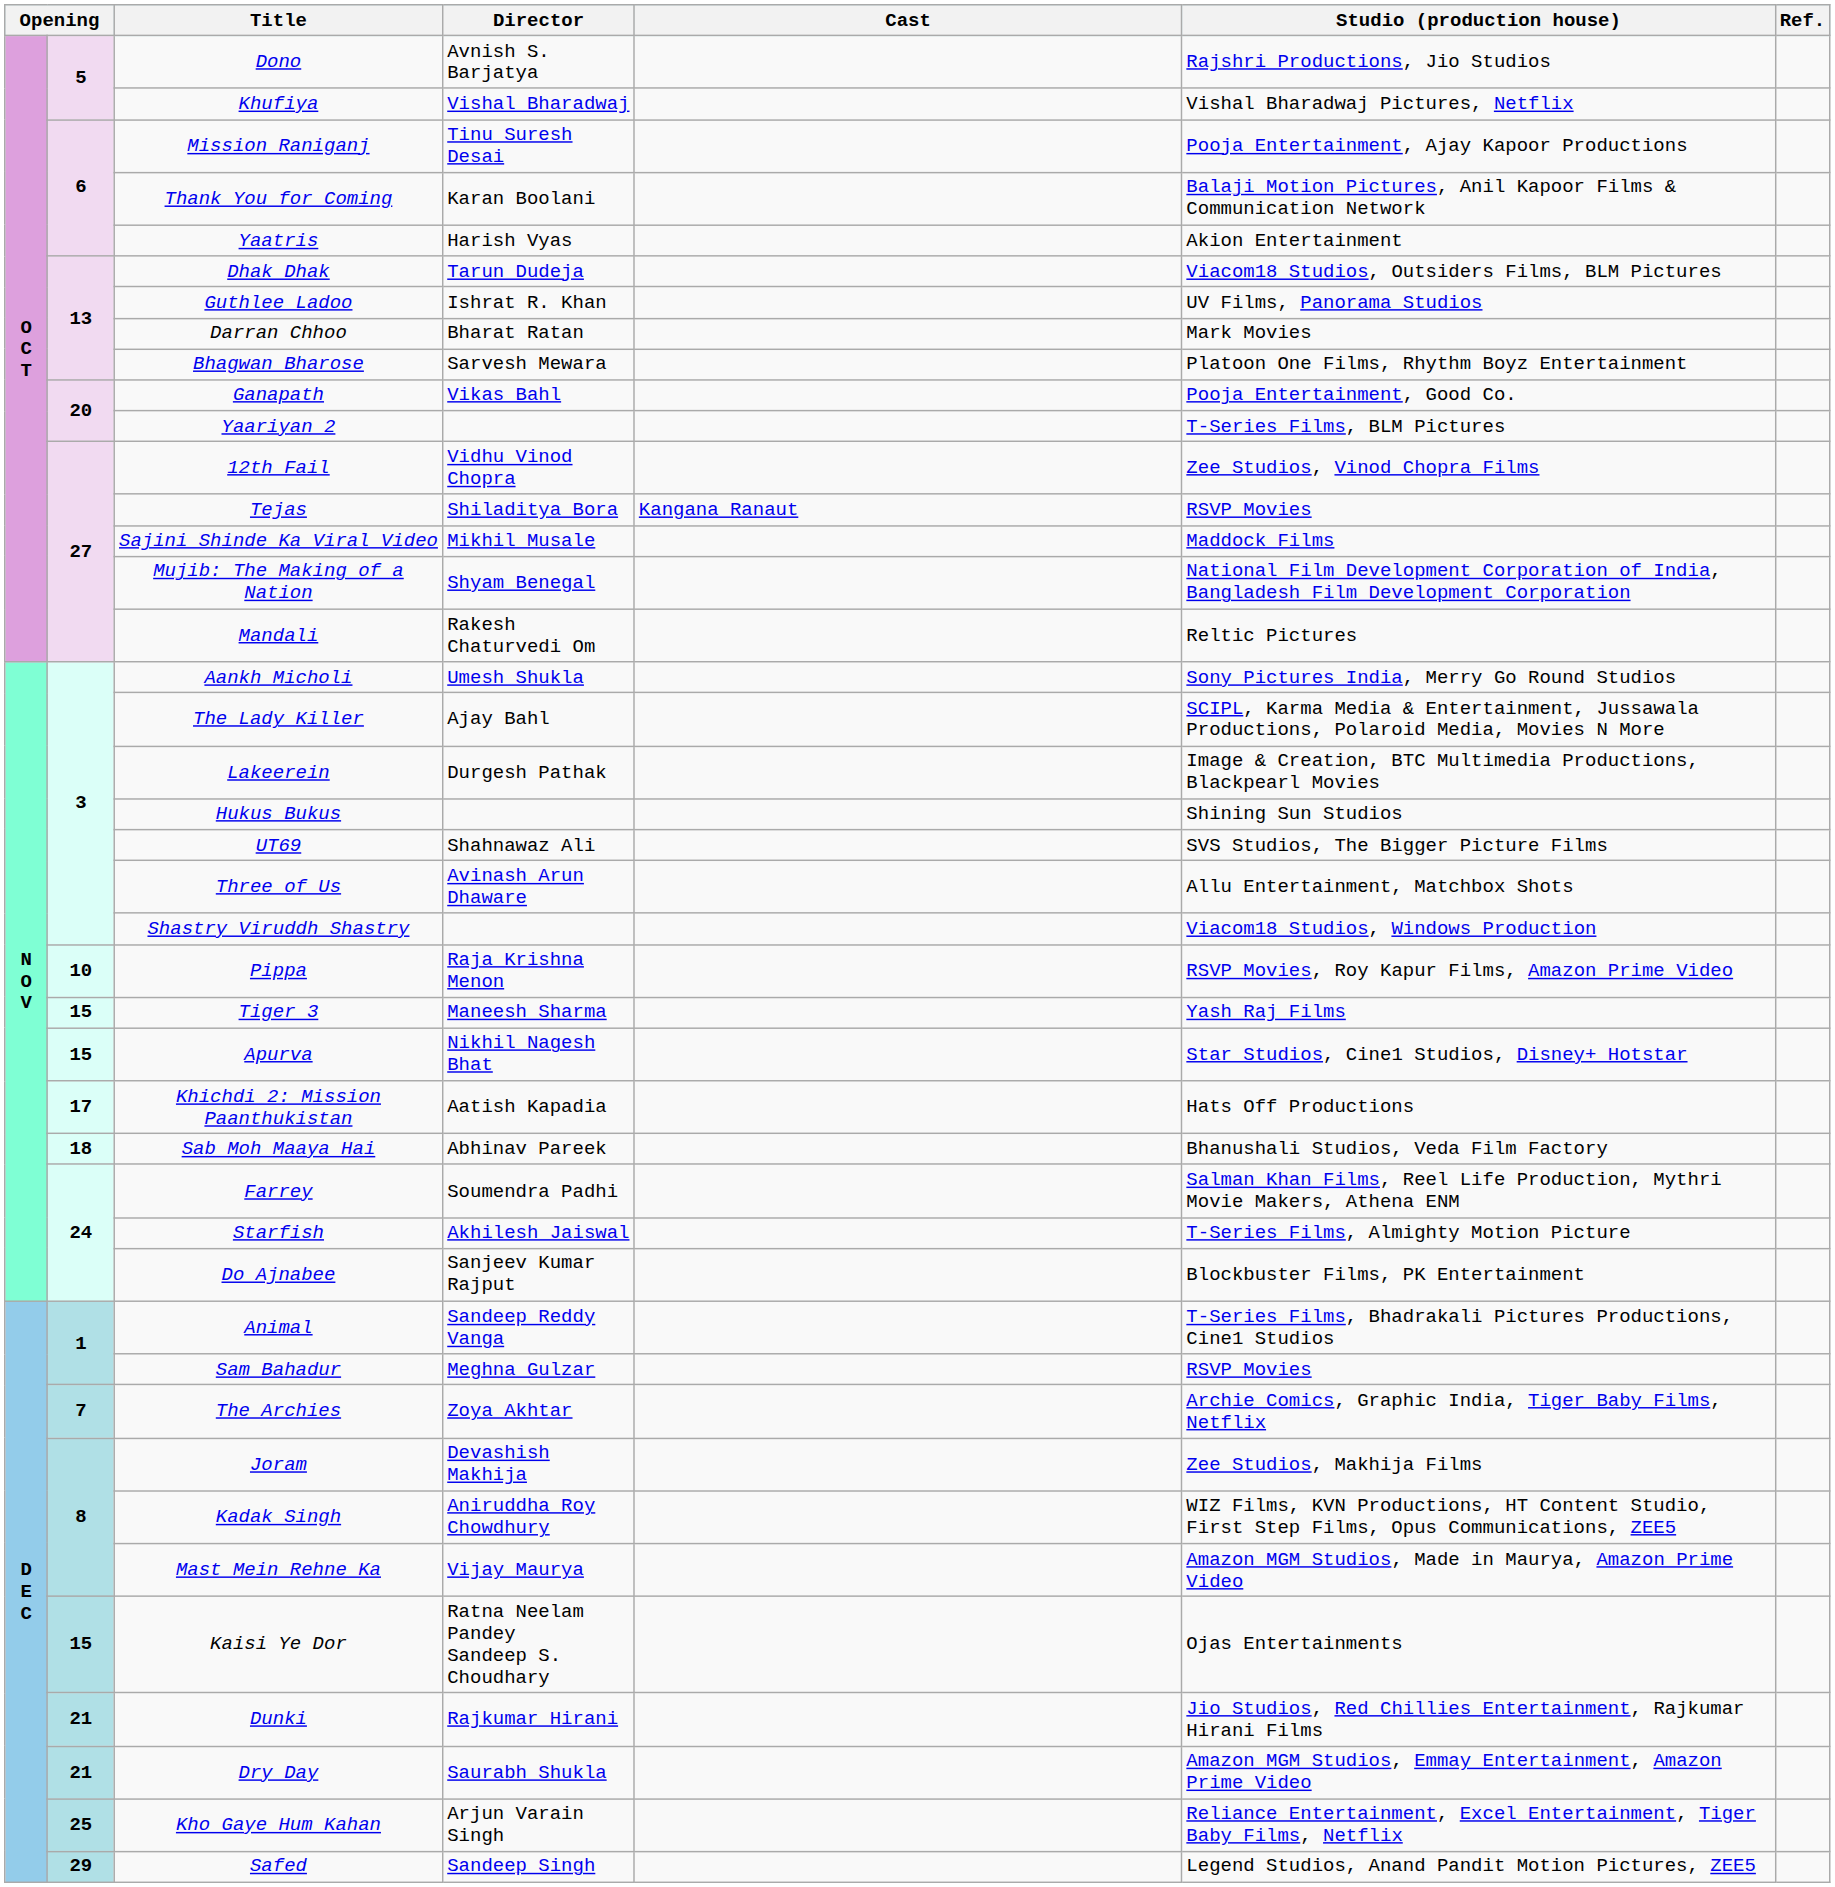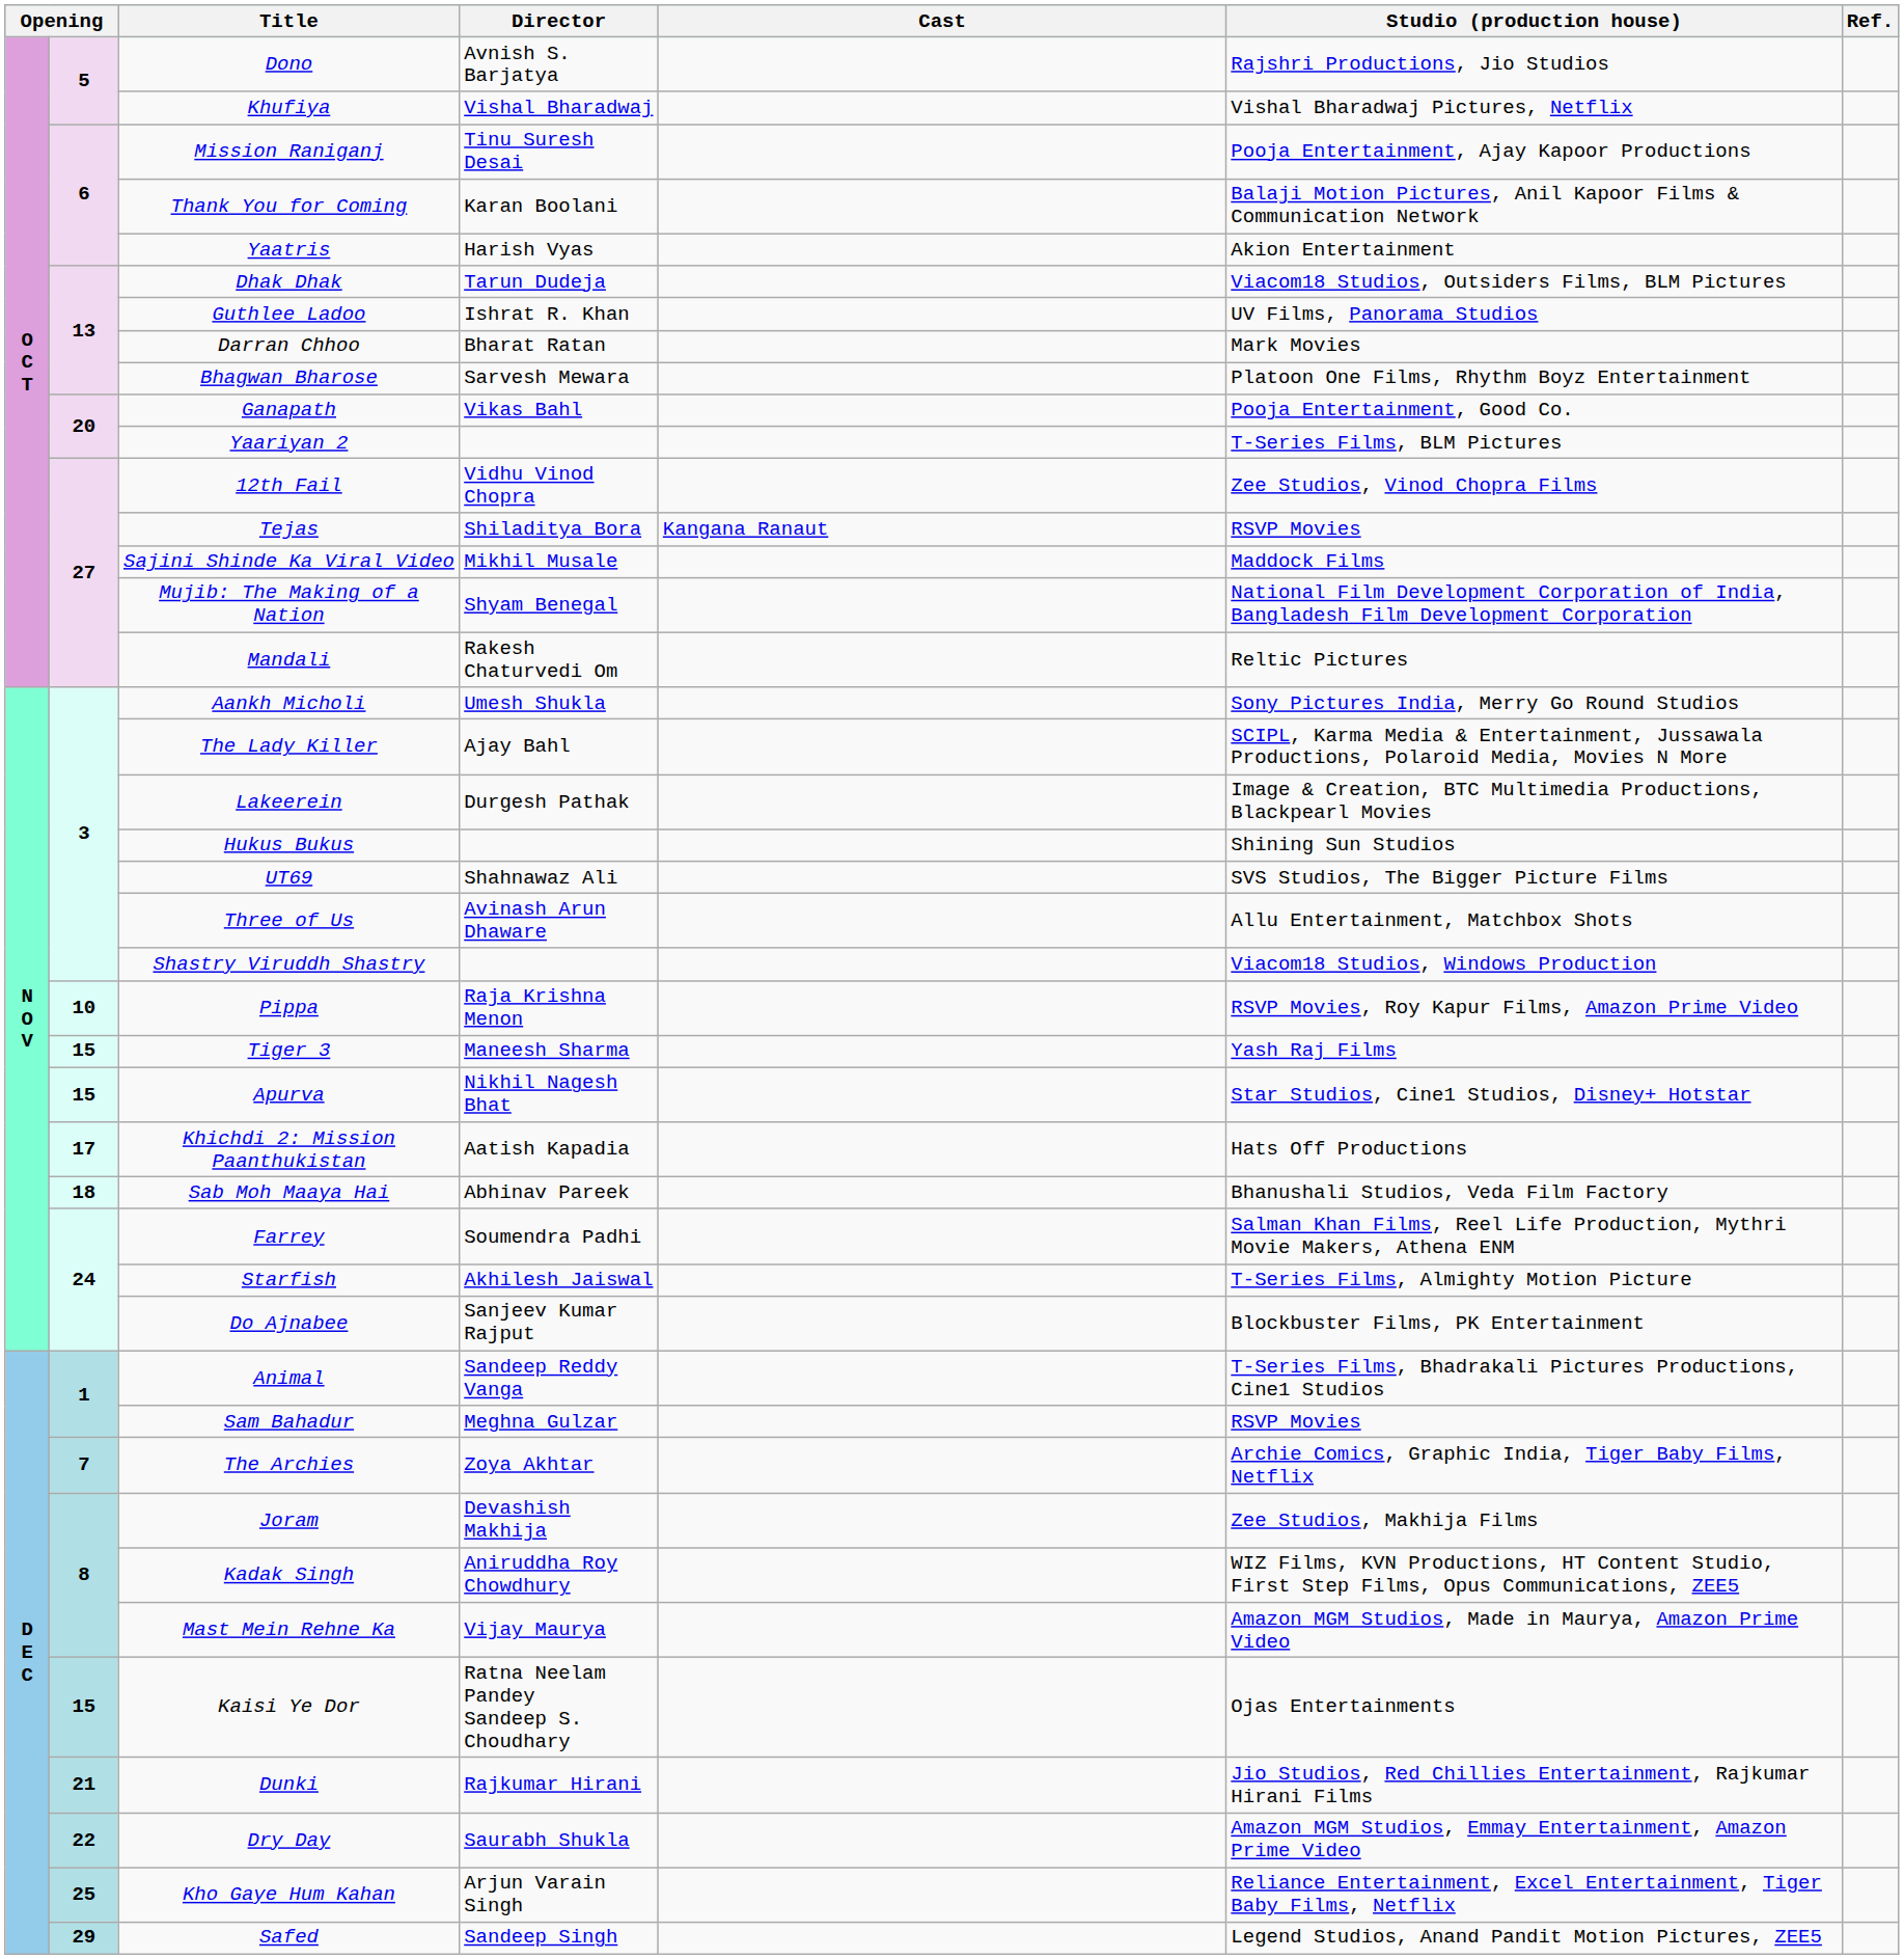 <table class="wikitable">
 <tr style="background:#b0e0e6; text-align:center;">
 <th colspan="2" style="width:6%;"><strong>Opening</strong></th>
 <th style="width:18%;"><strong>Title</strong></th>
 <th style="width:10.5%;"><strong>Director</strong></th>
 <th style="width:30%;"><strong>Cast</strong></th>
 <th>Studio (production house)</th>
 <th>Ref.</th>
 </tr>
 <tr>
 <td rowspan="16" style="text-align:center; background:plum; textcolor:#000;"><strong>O<br>C<br>T</strong></td>
 <td rowspan="2" style="text-align:center;background:#f1daf1;"><strong>5</strong></td>
 <td style="text-align:center;"><em><a href='#'>Dono</a></em></td>
 <td>Avnish S. Barjatya</td>
 <td></td>
 <td><a href='#'>Rajshri Productions</a>, Jio Studios</td>
 <td></td>
 </tr>
 <tr>
 <td style="text-align:center;"><em><a href='#'>Khufiya</a></em></td>
 <td><a href='#'>Vishal Bharadwaj</a></td>
 <td></td>
 <td>Vishal Bharadwaj Pictures, <a href='#'>Netflix</a></td>
 <td></td>
 </tr>
 <tr>
 <td rowspan="3" style="text-align:center;background:#f1daf1;"><strong>6</strong></td>
 <td style="text-align:center;"><em><a href='#'>Mission Raniganj</a></em></td>
 <td><a href='#'>Tinu Suresh Desai</a></td>
 <td></td>
 <td><a href='#'>Pooja Entertainment</a>, Ajay Kapoor Productions</td>
 <td></td>
 </tr>
 <tr>
 <td style="text-align:center;"><em><a href='#'>Thank You for Coming</a></em></td>
 <td>Karan Boolani</td>
 <td></td>
 <td><a href='#'>Balaji Motion Pictures</a>, Anil Kapoor Films & Communication Network</td>
 <td></td>
 </tr>
 <tr>
 <td style="text-align:center;"><em><a href='#'>Yaatris</a></em></td>
 <td>Harish Vyas</td>
 <td></td>
 <td>Akion Entertainment</td>
 <td></td>
 </tr>
 <tr>
 <td rowspan="4"  style="text-align:center;background:#f1daf1;"><strong>13</strong></td>
 <td style="text-align:center;"><em><a href='#'>Dhak Dhak</a></em></td>
 <td><a href='#'>Tarun Dudeja</a></td>
 <td></td>
 <td><a href='#'>Viacom18 Studios</a>,  Outsiders Films, BLM Pictures</td>
 <td></td>
 </tr>
 <tr>
 <td style="text-align:center;"><em><a href='#'>Guthlee Ladoo</a></em></td>
 <td>Ishrat R. Khan</td>
 <td></td>
 <td>UV Films, <a href='#'>Panorama Studios</a></td>
 <td></td>
 </tr>
 <tr>
 <td style="text-align:center;"><em>Darran Chhoo</em></td>
 <td>Bharat Ratan</td>
 <td></td>
 <td>Mark Movies</td>
 <td></td>
 </tr>
 <tr>
 <td style="text-align:center;"><em><a href='#'>Bhagwan Bharose</a></em></td>
 <td>Sarvesh Mewara</td>
 <td></td>
 <td>Platoon One Films, Rhythm Boyz Entertainment</td>
 <td></td>
 </tr>
 <tr>
 <td rowspan="2" style="text-align:center;background:#f1daf1;"><strong>20</strong></td>
 <td style="text-align:center;"><em><a href='#'>Ganapath</a></em></td>
 <td><a href='#'>Vikas Bahl</a></td>
 <td></td>
 <td><a href='#'>Pooja Entertainment</a>, Good Co.</td>
 <td></td>
 </tr>
 <tr>
 <td style="text-align:center;"><em><a href='#'>Yaariyan 2</a></em></td>
 <td></td>
 <td></td>
 <td><a href='#'>T-Series Films</a>, BLM Pictures</td>
 <td></td>
 </tr>
 <tr>
 <td rowspan="5"  style="text-align:center;background:#f1daf1;"><strong>27</strong></td>
 <td style="text-align:center;"><em><a href='#'>12th Fail</a></em></td>
 <td><a href='#'>Vidhu Vinod Chopra</a></td>
 <td></td>
 <td><a href='#'>Zee Studios</a>, <a href='#'>Vinod Chopra Films</a></td>
 <td></td>
 </tr>
 <tr>
 <td style="text-align:center;"><em><a href='#'>Tejas</a></em></td>
 <td><a href='#'>Shiladitya Bora</a></td>
 <td><a href='#'>Kangana Ranaut</a></td>
 <td><a href='#'>RSVP Movies</a></td>
 <td></td>
 </tr>
 <tr>
 <td style="text-align:center;"><em><a href='#'>Sajini Shinde Ka Viral Video</a></em></td>
 <td><a href='#'>Mikhil Musale</a></td>
 <td></td>
 <td><a href='#'>Maddock Films</a></td>
 <td></td>
 </tr>
 <tr>
 <td style="text-align:center;"><em><a href='#'>Mujib: The Making of a Nation</a></em></td>
 <td><a href='#'>Shyam Benegal</a></td>
 <td></td>
 <td><a href='#'>National Film Development Corporation of India</a>, <a href='#'>Bangladesh Film Development Corporation</a></td>
 <td></td>
 </tr>
 <tr>
 <td style="text-align:center;"><em><a href='#'>Mandali</a></em></td>
 <td>Rakesh Chaturvedi Om</td>
 <td></td>
 <td>Reltic Pictures</td>
 <td></td>
 </tr>
 <tr>
 <td rowspan="15" style="text-align:center; background:#7FFFD4; textcolor:#000;"><strong>N<br>O<br>V</strong></td>
 <td rowspan="7"  style="text-align:center; background:#dbfff8; textcolor:#000;"><strong>3</strong></td>
 <td style="text-align:center;"><em><a href='#'>Aankh Micholi</a></em></td>
 <td><a href='#'>Umesh Shukla</a></td>
 <td></td>
 <td><a href='#'>Sony Pictures India</a>, Merry Go Round Studios</td>
 <td></td>
 </tr>
 <tr>
 <td style="text-align:center;"><em><a href='#'>The Lady Killer</a></em></td>
 <td>Ajay Bahl</td>
 <td></td>
 <td><a href='#'>SCIPL</a>, Karma Media & Entertainment, Jussawala Productions, Polaroid Media, Movies N More</td>
 <td></td>
 </tr>
 <tr>
 <td style="text-align:center;"><em><a href='#'>Lakeerein</a></em></td>
 <td>Durgesh Pathak</td>
 <td></td>
 <td>Image & Creation, BTC Multimedia Productions, Blackpearl Movies</td>
 <td></td>
 </tr>
 <tr>
 <td style="text-align:center;"><em><a href='#'>Hukus Bukus</a></em></td>
 <td></td>
 <td></td>
 <td>Shining Sun Studios</td>
 <td></td>
 </tr>
 <tr>
 <td style="text-align:center;"><em><a href='#'>UT69</a></em></td>
 <td>Shahnawaz Ali</td>
 <td></td>
 <td>SVS Studios, The Bigger Picture Films</td>
 <td></td>
 </tr>
 <tr>
 <td style="text-align:center;"><em><a href='#'>Three of Us</a></em></td>
 <td><a href='#'>Avinash Arun Dhaware</a></td>
 <td></td>
 <td>Allu Entertainment, Matchbox Shots</td>
 <td></td>
 </tr>
 <tr>
 <td style="text-align:center;"><em><a href='#'>Shastry Viruddh Shastry</a></em></td>
 <td></td>
 <td></td>
 <td><a href='#'>Viacom18 Studios</a>, <a href='#'>Windows Production</a></td>
 <td></td>
 </tr>
 <tr>
 <td style="text-align:center; background:#dbfff8; textcolor:#000;"><strong>10</strong></td>
 <td style="text-align:center;"><em><a href='#'>Pippa</a></em></td>
 <td><a href='#'>Raja Krishna Menon</a></td>
 <td></td>
 <td><a href='#'>RSVP Movies</a>, Roy Kapur Films, <a href='#'>Amazon Prime Video</a></td>
 <td></td>
 </tr>
 <tr>
 <td style="text-align:center; background:#dbfff8; textcolor:#000;"><strong>15</strong></td>
 <td style="text-align:center;"><em><a href='#'>Tiger 3</a></em></td>
 <td><a href='#'>Maneesh Sharma</a></td>
 <td></td>
 <td><a href='#'>Yash Raj Films</a></td>
 <td></td>
 </tr>
 <tr>
 <td style="text-align:center; background:#dbfff8; textcolor:#000;"><strong>15</strong></td>
 <td style="text-align:center;"><em><a href='#'>Apurva</a></em></td>
 <td><a href='#'>Nikhil Nagesh Bhat</a></td>
 <td></td>
 <td><a href='#'>Star Studios</a>, Cine1 Studios, <a href='#'>Disney+ Hotstar</a></td>
 <td></td>
 </tr>
 <tr>
 <td style="text-align:center; background:#dbfff8; textcolor:#000;"><strong>17</strong></td>
 <td style="text-align:center;"><em><a href='#'>Khichdi 2: Mission Paanthukistan</a></em></td>
 <td>Aatish Kapadia</td>
 <td></td>
 <td>Hats Off Productions</td>
 <td></td>
 </tr>
 <tr>
 <td style="text-align:center; background:#dbfff8; textcolor:#000;"><strong>18</strong></td>
 <td style="text-align:center;"><em><a href='#'>Sab Moh Maaya Hai</a></em></td>
 <td>Abhinav Pareek</td>
 <td></td>
 <td>Bhanushali Studios, Veda Film Factory</td>
 <td></td>
 </tr>
 <tr>
 <td rowspan="3" style="text-align:center; background:#dbfff8; textcolor:#000;"><strong>24</strong></td>
 <td style="text-align:center;"><em><a href='#'>Farrey</a></em></td>
 <td>Soumendra Padhi</td>
 <td></td>
 <td><a href='#'>Salman Khan Films</a>, Reel Life Production, Mythri Movie Makers, Athena ENM</td>
 <td></td>
 </tr>
 <tr>
 <td style="text-align:center;"><em><a href='#'>Starfish</a></em></td>
 <td><a href='#'>Akhilesh Jaiswal</a></td>
 <td></td>
 <td><a href='#'>T-Series Films</a>, Almighty Motion Picture</td>
 <td></td>
 </tr>
 <tr>
 <td style="text-align:center;"><em><a href='#'>Do Ajnabee</a></em></td>
 <td>Sanjeev Kumar Rajput</td>
 <td></td>
 <td>Blockbuster Films, PK Entertainment</td>
 <td></td>
 </tr>
 <tr>
 <td rowspan="11" style="text-align:center; background:#93CCEA; textcolor:#000;"><strong>D<br>E<br>C</strong></td>
 <td rowspan="2" style="text-align:center;background:#B0E0E6;"><strong>1</strong></td>
 <td style="text-align:center;"><em><a href='#'>Animal</a></em></td>
 <td><a href='#'>Sandeep Reddy Vanga</a></td>
 <td></td>
 <td><a href='#'>T-Series Films</a>, Bhadrakali Pictures Productions, Cine1 Studios</td>
 <td></td>
 </tr>
 <tr>
 <td style="text-align:center;"><em><a href='#'>Sam Bahadur</a></em></td>
 <td><a href='#'>Meghna Gulzar</a></td>
 <td></td>
 <td><a href='#'>RSVP Movies</a></td>
 <td></td>
 </tr>
 <tr>
 <td style="text-align:center;background:#B0E0E6;"><strong>7</strong></td>
 <td style="text-align:center;"><em><a href='#'>The Archies</a></em></td>
 <td><a href='#'>Zoya Akhtar</a></td>
 <td></td>
 <td><a href='#'>Archie Comics</a>, Graphic India, <a href='#'>Tiger Baby Films</a>, <a href='#'>Netflix</a></td>
 <td></td>
 </tr>
 <tr>
 <td rowspan="3" style="text-align:center;background:#B0E0E6;"><strong>8</strong></td>
 <td style="text-align:center;"><em><a href='#'>Joram</a></em></td>
 <td><a href='#'>Devashish Makhija</a></td>
 <td></td>
 <td><a href='#'>Zee Studios</a>, Makhija Films</td>
 <td></td>
 </tr>
 <tr>
 <td style="text-align:center;"><em><a href='#'>Kadak Singh</a></em></td>
 <td><a href='#'>Aniruddha Roy Chowdhury</a></td>
 <td></td>
 <td>WIZ Films, KVN Productions, HT Content Studio, First Step Films, Opus Communications, <a href='#'>ZEE5</a></td>
 <td></td>
 </tr>
 <tr>
 <td style="text-align:center;"><em><a href='#'>Mast Mein Rehne Ka</a></em></td>
 <td><a href='#'>Vijay Maurya</a></td>
 <td></td>
 <td><a href='#'>Amazon MGM Studios</a>, Made in Maurya, <a href='#'>Amazon Prime Video</a></td>
 <td></td>
 </tr>
 <tr>
 <td style="text-align:center;background:#B0E0E6;"><strong>15</strong></td>
 <td style="text-align:center;"><em>Kaisi Ye Dor</em></td>
 <td>Ratna Neelam Pandey <br> Sandeep S. Choudhary</td>
 <td></td>
 <td>Ojas Entertainments</td>
 <td></td>
 </tr>
 <tr>
 <td style="text-align:center;background:#B0E0E6;"><strong>21</strong></td>
 <td style="text-align:center;"><em><a href='#'>Dunki</a></em></td>
 <td><a href='#'>Rajkumar Hirani</a></td>
 <td></td>
 <td><a href='#'>Jio Studios</a>, <a href='#'>Red Chillies Entertainment</a>, Rajkumar Hirani Films</td>
 <td></td>
 </tr>
 <tr>
-<td style="text-align:center;background:#B0E0E6;"><strong>21</strong></td>
+<td style="text-align:center;background:#B0E0E6;"><strong>22</strong></td>
 <td style="text-align:center;"><em><a href='#'>Dry Day</a></em></td>
 <td><a href='#'>Saurabh Shukla</a></td>
 <td></td>
 <td><a href='#'>Amazon MGM Studios</a>, <a href='#'>Emmay Entertainment</a>, <a href='#'>Amazon Prime Video</a></td>
 <td></td>
 </tr>
 <tr>
 <td style="text-align:center;background:#B0E0E6;"><strong>25</strong></td>
 <td style="text-align:center;"><em><a href='#'>Kho Gaye Hum Kahan</a></em></td>
 <td>Arjun Varain Singh</td>
 <td></td>
 <td><a href='#'>Reliance Entertainment</a>, <a href='#'>Excel Entertainment</a>, <a href='#'>Tiger Baby Films</a>, <a href='#'>Netflix</a></td>
 <td></td>
 </tr>
 <tr>
 <td style="text-align:center;background:#B0E0E6;"><strong>29</strong></td>
 <td style="text-align:center;"><em><a href='#'>Safed</a></em></td>
 <td><a href='#'>Sandeep Singh</a></td>
 <td></td>
 <td>Legend Studios, Anand Pandit Motion Pictures, <a href='#'>ZEE5</a></td>
 <td></td>
 </tr>
 </table>
